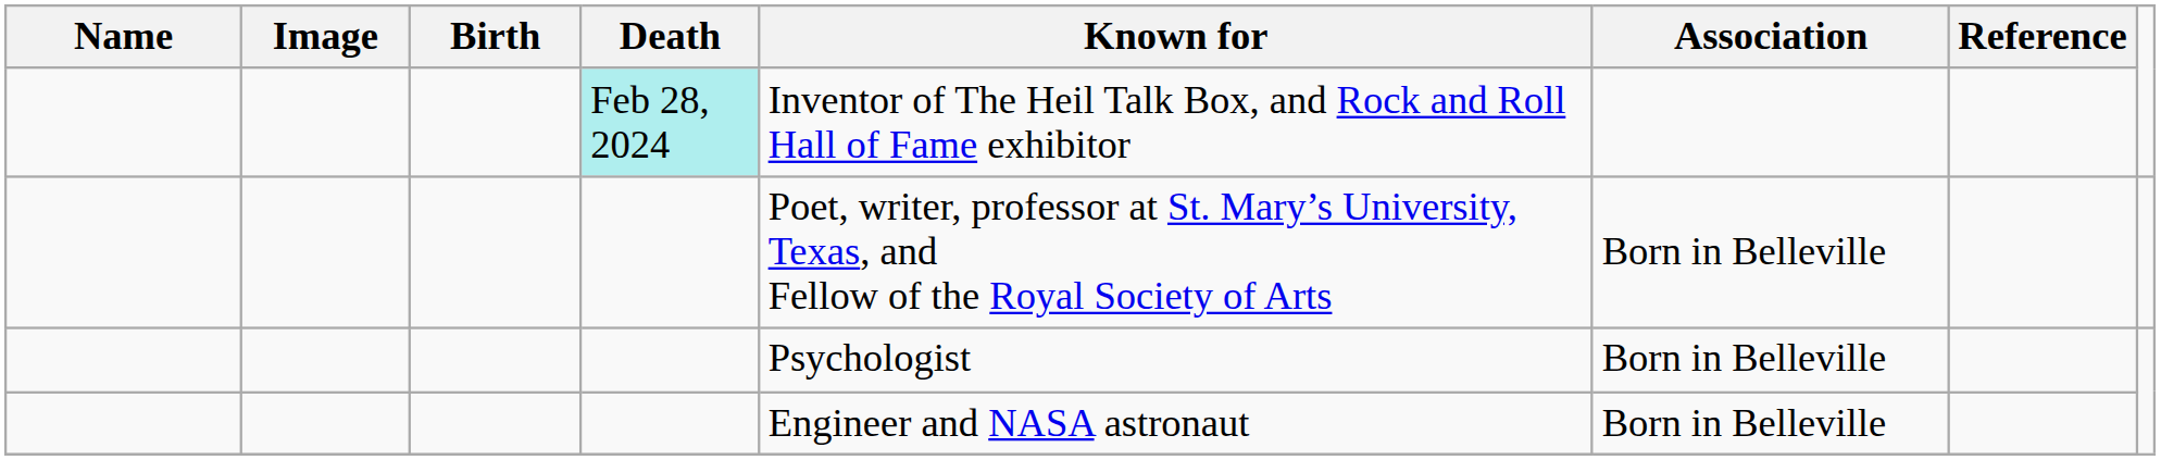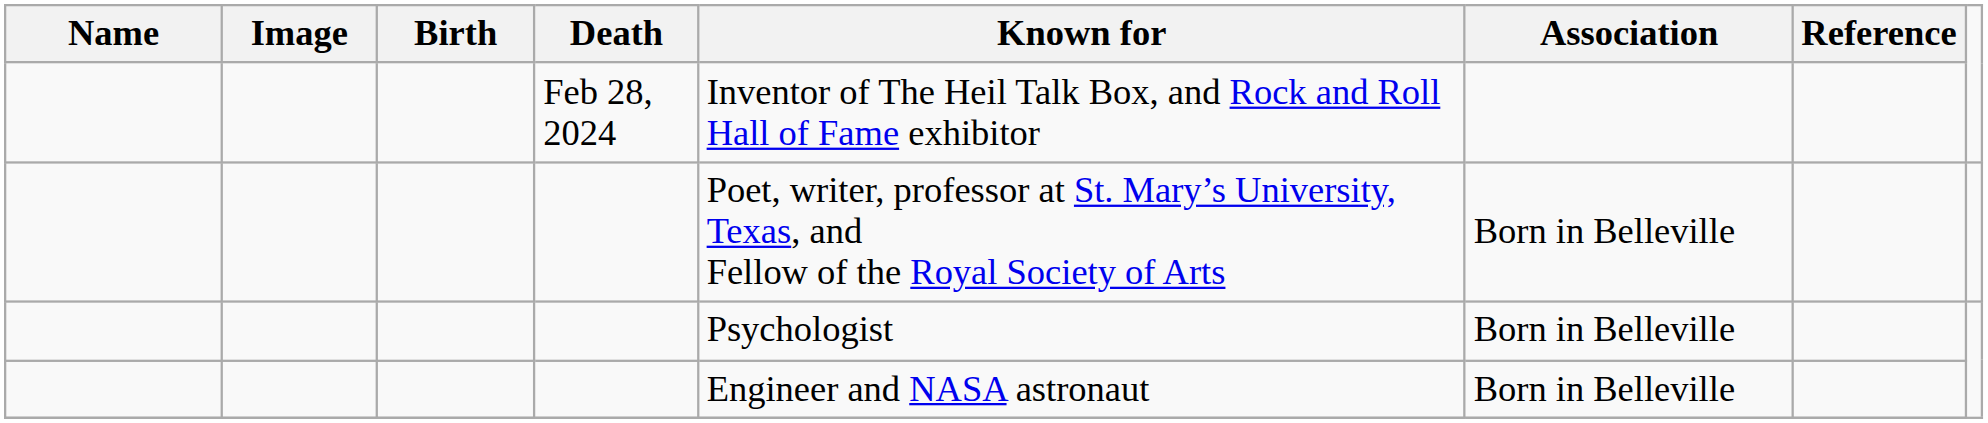 <table class="wikitable sortable">
 <tr>
 <th scope="col" width="140">Name</th>
 <th scope="col" width="80" class="unsortable">Image</th>
 <th scope="col" width="90">Birth</th>
 <th scope="col" width="90">Death</th>
 <th scope="col" width="600" class="unsortable">Known for</th>
 <th scope="col" width="200" class="unsortable">Association</th>
 <th scope="col" width="30" class="unsortable">Reference</th>
 </tr>
 <tr>
 <td></td>
 <td></td>
 <td align=right></td>
-<td style="background: paleturquoise;">Feb 28, 2024</td>
+<td>Feb 28, 2024</td>
 <td>Inventor of The Heil Talk Box, and <a href='#'>Rock and Roll Hall of Fame</a> exhibitor</td>
 <td></td>
 <td align="center"></td>
 </tr>
 <tr>
 <td></td>
 <td></td>
 <td align=right></td>
 <td></td>
 <td>Poet, writer, professor at <a href='#'>St. Mary’s University, Texas</a>, and<br>Fellow of the <a href='#'>Royal Society of Arts</a></td>
 <td>Born in Belleville</td>
 <td></td>
 <td align="center"></td>
 </tr>
 <tr>
 <td></td>
 <td></td>
 <td align=right></td>
 <td align=right></td>
 <td>Psychologist</td>
 <td>Born in Belleville</td>
 <td align="center"></td>
 </tr>
 <tr>
 <td></td>
 <td></td>
 <td align=right></td>
 <td></td>
 <td>Engineer and <a href='#'>NASA</a> astronaut</td>
 <td>Born in Belleville</td>
 <td align="center"></td>
 </tr>
 <tr>
 </tr>
 </table>
